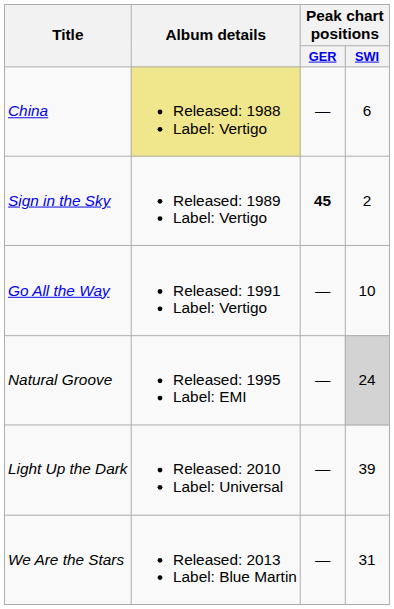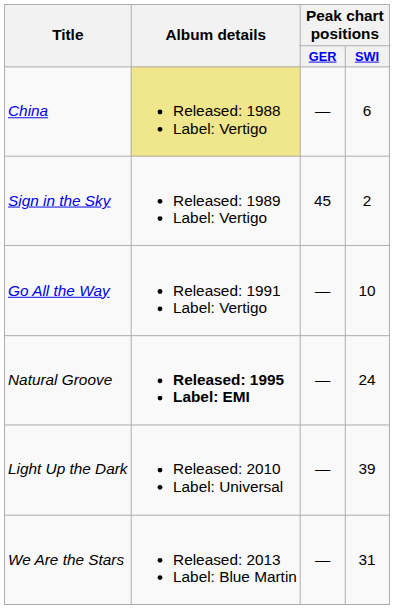 <table class="wikitable">
 <tr>
 <th rowspan="2">Title</th>
 <th rowspan="2">Album details</th>
 <th colspan="2">Peak chart positions</th>
 </tr>
 <tr style="font-size:smaller;">
 <th style="width:3em;font-size:100%"><a href='#'>GER</a><br></th>
 <th style="width:3em;font-size:100%"><a href='#'>SWI</a><br></th>
 </tr>
 <tr>
 <td rowspan="1"><em><a href='#'>China</a></em></td>
 <td style="background: khaki;"><br><ul><li>Released: 1988</li><li>Label: Vertigo</li></ul></td>
 <td align="center">—</td>
 <td align="center">6</td>
 </tr>
 <tr>
 <td rowspan="1"><em><a href='#'>Sign in the Sky</a></em></td>
 <td><br><ul><li>Released: 1989</li><li>Label: Vertigo</li></ul></td>
-<td align="center"><strong>45</strong></td>
+<td align="center">45</td>
 <td align="center">2</td>
 </tr>
 <tr>
 <td rowspan="1"><em><a href='#'>Go All the Way</a></em></td>
 <td><br><ul><li>Released: 1991</li><li>Label: Vertigo</li></ul></td>
 <td align="center">—</td>
 <td align="center">10</td>
 </tr>
 <tr>
 <td rowspan="1"><em>Natural Groove</em></td>
-<td><br><ul><li>Released: 1995</li><li>Label: EMI</li></ul></td>
+<td><strong><br><ul><li>Released: 1995</li><li>Label: EMI</li></ul></strong></td>
 <td align="center">—</td>
-<td align="center" style="background: lightgrey;">24</td>
+<td align="center">24</td>
 </tr>
 <tr>
 <td rowspan="1"><em>Light Up the Dark</em></td>
 <td><br><ul><li>Released: 2010</li><li>Label: Universal</li></ul></td>
 <td align="center">—</td>
 <td align="center">39</td>
 </tr>
 <tr>
 <td rowspan="1"><em>We Are the Stars</em></td>
 <td><br><ul><li>Released: 2013</li><li>Label: Blue Martin</li></ul></td>
 <td align="center">—</td>
 <td align="center">31</td>
 </tr>
 <tr>
 </tr>
 </table>
